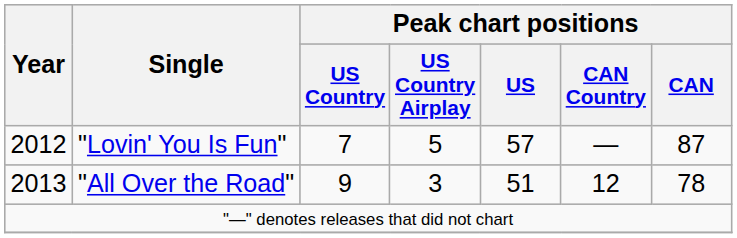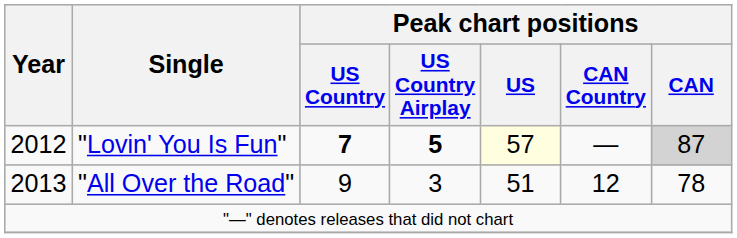 <table class="wikitable" style="text-align:center;">
 <tr>
 <th rowspan="2">Year</th>
 <th rowspan="2">Single</th>
 <th colspan="5">Peak chart positions</th>
 </tr>
 <tr style="font-size:smaller;">
 <th width="45"><a href='#'>US Country</a></th>
 <th width="45"><a href='#'>US Country Airplay</a></th>
 <th width="45"><a href='#'>US</a></th>
 <th width="45"><a href='#'>CAN Country</a><br></th>
 <th width="45"><a href='#'>CAN</a></th>
 </tr>
 <tr>
 <td>2012</td>
 <td align="left">"<a href='#'>Lovin' You Is Fun</a>"</td>
-<td>7</td>
-<td>5</td>
-<td>57</td>
+<td><strong>7</strong></td>
+<td><strong>5</strong></td>
+<td style="background: lightyellow;">57</td>
 <td>—</td>
-<td>87</td>
+<td style="background: lightgrey;">87</td>
 </tr>
 <tr>
 <td>2013</td>
 <td align="left">"<a href='#'>All Over the Road</a>"</td>
 <td>9</td>
 <td>3</td>
 <td>51</td>
 <td>12</td>
 <td>78</td>
 </tr>
 <tr>
 <td colspan="7" style="font-size:8pt">"—" denotes releases that did not chart</td>
 </tr>
 <tr>
 </tr>
 </table>
